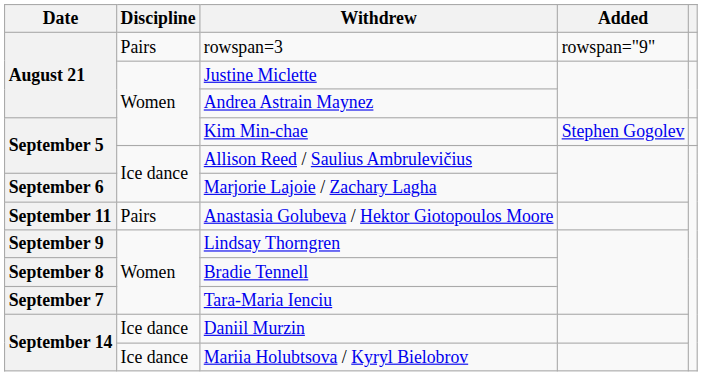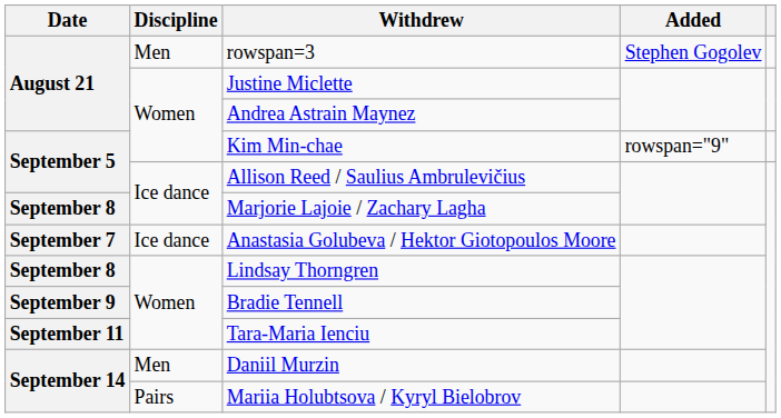 <table class="wikitable unsortable">
 <tr>
 <th scope="col">Date</th>
 <th scope="col">Discipline</th>
 <th scope="col">Withdrew</th>
 <th scope="col">Added</th>
 <th scope="col"></th>
 </tr>
 <tr>
 <th scope="row" style="text-align:left" rowspan=3>August 21</th>
-<td>Pairs</td>
+<td>Men</td>
 <td>rowspan=3 </td>
-<td>rowspan="9" </td>
+<td> <a href='#'>Stephen Gogolev</a></td>
 <td></td>
 </tr>
 <tr>
 <td rowspan="3">Women</td>
 <td> <a href='#'>Justine Miclette</a></td>
 <td rowspan=2></td>
 </tr>
 <tr>
 <td> <a href='#'>Andrea Astrain Maynez</a></td>
 </tr>
 <tr>
 <th scope="row" style="text-align:left" rowspan=2>September 5</th>
 <td> <a href='#'>Kim Min-chae</a></td>
-<td> <a href='#'>Stephen Gogolev</a></td>
+<td>rowspan="9" </td>
 <td></td>
 </tr>
 <tr>
 <td rowspan=2>Ice dance</td>
 <td> <a href='#'>Allison Reed</a> / <a href='#'>Saulius Ambrulevičius</a></td>
 <td rowspan=2></td>
 </tr>
 <tr>
-<th scope="row" style="text-align:left">September 6</th>
+<th scope="row" style="text-align:left">September 8</th>
 <td> <a href='#'>Marjorie Lajoie</a> / <a href='#'>Zachary Lagha</a></td>
 </tr>
 <tr>
-<th scope="row" style="text-align:left">September 11</th>
-<td>Pairs</td>
+<th scope="row" style="text-align:left">September 7</th>
+<td>Ice dance</td>
 <td> <a href='#'>Anastasia Golubeva</a> / <a href='#'>Hektor Giotopoulos Moore</a></td>
 <td></td>
 </tr>
 <tr>
-<th scope="row" style="text-align:left">September 9</th>
+<th scope="row" style="text-align:left">September 8</th>
 <td rowspan=3>Women</td>
 <td> <a href='#'>Lindsay Thorngren</a></td>
 <td rowspan=3></td>
 </tr>
 <tr>
-<th scope="row" style="text-align:left">September 8</th>
+<th scope="row" style="text-align:left">September 9</th>
 <td> <a href='#'>Bradie Tennell</a></td>
 </tr>
 <tr>
-<th scope="row" style="text-align:left">September 7</th>
+<th scope="row" style="text-align:left">September 11</th>
 <td> <a href='#'>Tara-Maria Ienciu</a></td>
 </tr>
 <tr>
 <th scope="row" style="text-align:left" rowspan=2>September 14</th>
-<td>Ice dance</td>
+<td>Men</td>
 <td> <a href='#'>Daniil Murzin</a></td>
 <td></td>
 </tr>
 <tr>
-<td>Ice dance</td>
+<td>Pairs</td>
 <td> <a href='#'>Mariia Holubtsova</a> / <a href='#'>Kyryl Bielobrov</a></td>
 <td></td>
 </tr>
 </table>
